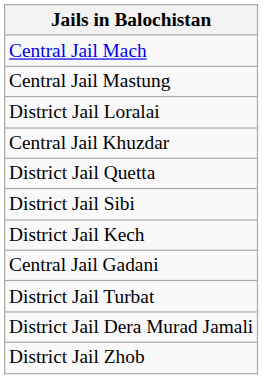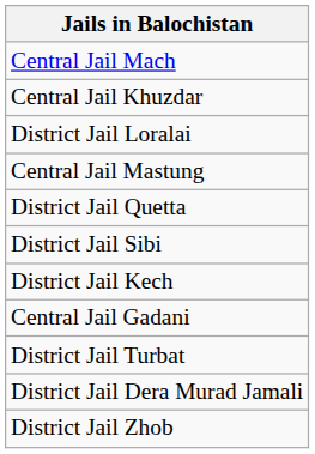 <table class="wikitable">
 <tr>
 <th>Jails in Balochistan</th>
 </tr>
 <tr>
 <td><a href='#'>Central Jail Mach</a></td>
 </tr>
 <tr>
-<td>Central Jail Mastung</td>
+<td>Central Jail Khuzdar</td>
 </tr>
 <tr>
 <td>District Jail Loralai</td>
 </tr>
 <tr>
-<td>Central Jail Khuzdar</td>
+<td>Central Jail Mastung</td>
 </tr>
 <tr>
 <td>District Jail Quetta</td>
 </tr>
 <tr>
 <td>District Jail Sibi</td>
 </tr>
 <tr>
 <td>District Jail Kech</td>
 </tr>
 <tr>
 <td>Central Jail Gadani</td>
 </tr>
 <tr>
 <td>District Jail Turbat</td>
 </tr>
 <tr>
 <td>District Jail Dera Murad Jamali</td>
 </tr>
 <tr>
 <td>District Jail Zhob</td>
 </tr>
 </table>
